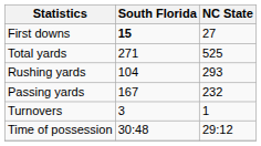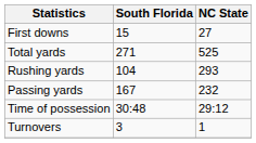 <table class="wikitable">
 <tr>
 <th>Statistics</th>
 <th>South Florida</th>
 <th>NC State</th>
 </tr>
 <tr>
 <td>First downs</td>
-<td><strong>15</strong></td>
+<td>15</td>
 <td>27</td>
 </tr>
 <tr>
 <td>Total yards</td>
 <td>271</td>
 <td>525</td>
 </tr>
 <tr>
 <td>Rushing yards</td>
 <td>104</td>
 <td>293</td>
 </tr>
 <tr>
 <td>Passing yards</td>
 <td>167</td>
 <td>232</td>
 </tr>
 <tr>
+<td>Time of possession</td>
+<td>30:48</td>
+<td>29:12</td>
+</tr>
+<tr>
 <td>Turnovers</td>
 <td>3</td>
 <td>1</td>
 </tr>
 <tr>
-<td>Time of possession</td>
-<td>30:48</td>
-<td>29:12</td>
-</tr>
-<tr>
 </tr>
 </table>
